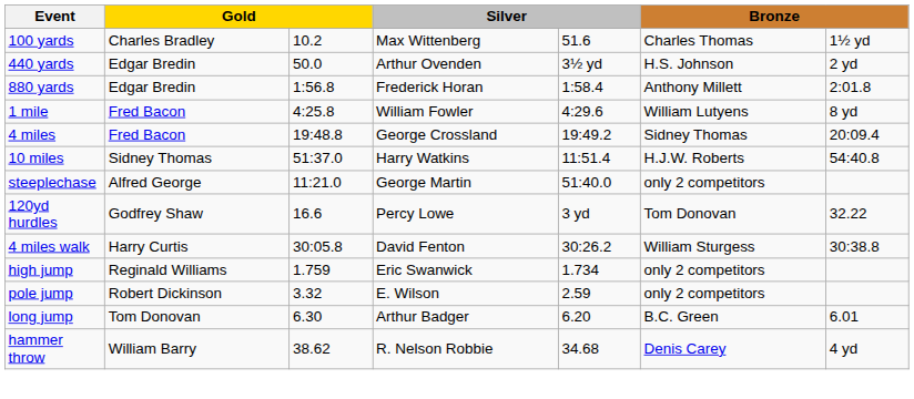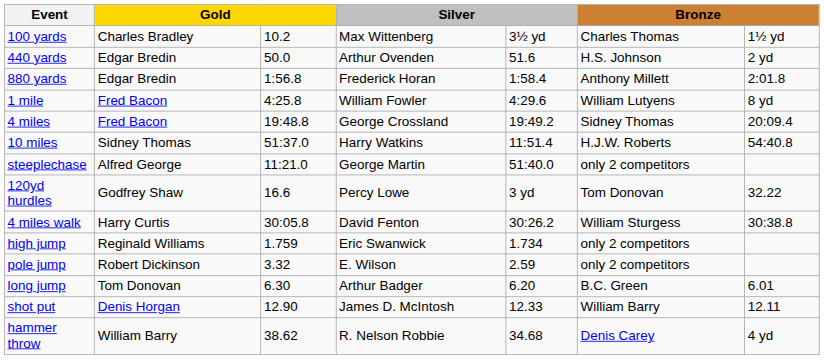 <table class="wikitable" style="text-align:left">
 <tr>
 <th width=100>Event</th>
 <th colspan="2" width="280" style="background:gold;">Gold</th>
 <th colspan="2" width="280" style="background:silver;">Silver</th>
 <th colspan="2" width="280" style="background:#CD7F32;">Bronze</th>
 </tr>
 <tr>
 <td><a href='#'>100 yards</a></td>
 <td>Charles Bradley</td>
 <td>10.2</td>
 <td>Max Wittenberg</td>
-<td>51.6</td>
+<td>3½ yd</td>
 <td>Charles Thomas</td>
 <td>1½ yd</td>
 </tr>
 <tr>
 <td><a href='#'>440 yards</a></td>
 <td> Edgar Bredin</td>
 <td>50.0</td>
 <td>Arthur Ovenden</td>
-<td>3½ yd</td>
+<td>51.6</td>
 <td>H.S. Johnson</td>
 <td>2 yd</td>
 </tr>
 <tr>
 <td><a href='#'>880 yards</a></td>
 <td> Edgar Bredin</td>
 <td>1:56.8</td>
 <td>Frederick Horan</td>
 <td>1:58.4</td>
 <td>Anthony Millett</td>
 <td>2:01.8</td>
 </tr>
 <tr>
 <td><a href='#'>1 mile</a></td>
 <td><a href='#'>Fred Bacon</a></td>
 <td>4:25.8</td>
 <td>William Fowler</td>
 <td>4:29.6</td>
 <td>William Lutyens</td>
 <td>8 yd</td>
 </tr>
 <tr>
 <td><a href='#'>4 miles</a></td>
 <td><a href='#'>Fred Bacon</a></td>
 <td>19:48.8</td>
 <td>George Crossland</td>
 <td>19:49.2</td>
 <td>Sidney Thomas</td>
 <td>20:09.4</td>
 </tr>
 <tr>
 <td><a href='#'>10 miles</a></td>
 <td>Sidney Thomas</td>
 <td>51:37.0</td>
 <td>Harry Watkins</td>
 <td>11:51.4</td>
 <td>H.J.W. Roberts</td>
 <td>54:40.8</td>
 </tr>
 <tr>
 <td><a href='#'>steeplechase</a></td>
 <td>Alfred George</td>
 <td>11:21.0</td>
 <td>George Martin</td>
 <td>51:40.0</td>
 <td>only 2 competitors</td>
 <td></td>
 </tr>
 <tr>
 <td><a href='#'>120yd hurdles</a></td>
 <td>Godfrey Shaw</td>
 <td>16.6</td>
 <td>Percy Lowe</td>
 <td>3 yd</td>
 <td> Tom Donovan</td>
 <td>32.22</td>
 </tr>
 <tr>
 <td><a href='#'>4 miles walk</a></td>
 <td>Harry Curtis</td>
 <td>30:05.8</td>
 <td>David Fenton</td>
 <td>30:26.2</td>
 <td>William Sturgess</td>
 <td>30:38.8</td>
 </tr>
 <tr>
 <td><a href='#'>high jump</a></td>
 <td>Reginald Williams</td>
 <td>1.759</td>
 <td>Eric Swanwick</td>
 <td>1.734</td>
 <td>only 2 competitors</td>
 <td></td>
 </tr>
 <tr>
 <td><a href='#'>pole jump</a></td>
 <td>Robert Dickinson</td>
 <td>3.32</td>
 <td>E. Wilson</td>
 <td>2.59</td>
 <td>only 2 competitors</td>
 <td></td>
 </tr>
 <tr>
 <td><a href='#'>long jump</a></td>
 <td> Tom Donovan</td>
 <td>6.30</td>
 <td>Arthur Badger</td>
 <td>6.20</td>
 <td>B.C. Green</td>
 <td>6.01</td>
 </tr>
 <tr>
+<td><a href='#'>shot put</a></td>
+<td>  <a href='#'>Denis Horgan</a></td>
+<td>12.90</td>
+<td> James D. McIntosh</td>
+<td>12.33</td>
+<td> William Barry</td>
+<td>12.11</td>
+</tr>
+<tr>
 <td><a href='#'>hammer throw</a></td>
 <td>  William Barry</td>
 <td>38.62</td>
 <td> R. Nelson Robbie</td>
 <td>34.68</td>
 <td> <a href='#'>Denis Carey</a></td>
 <td>4 yd</td>
 </tr>
 </table>
